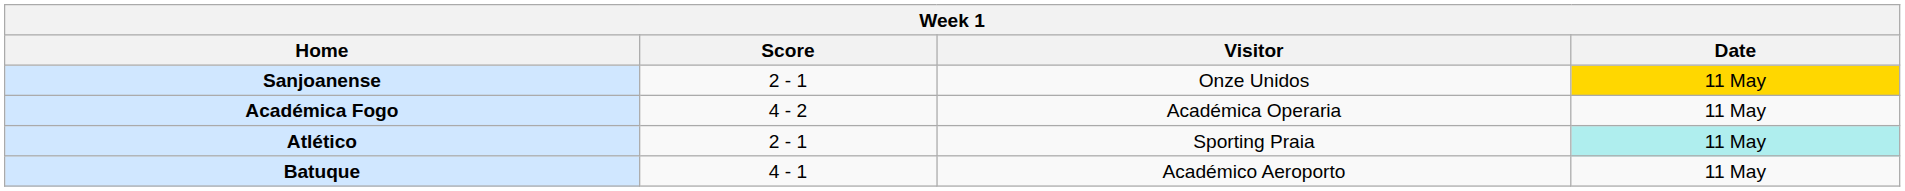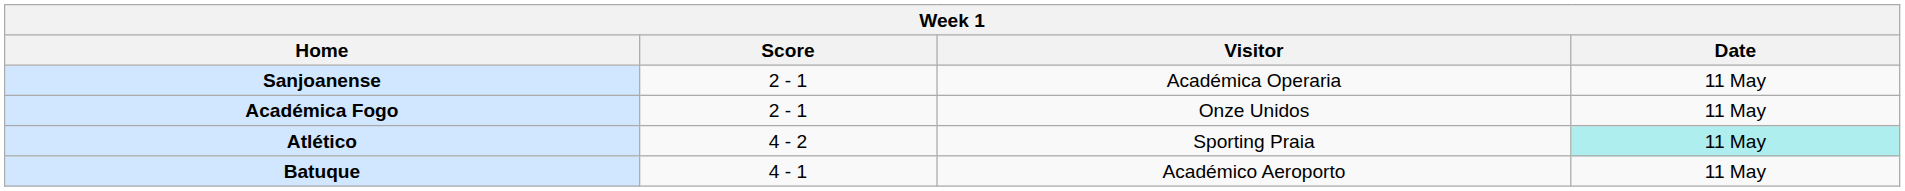 <table class="wikitable" style="font-size:95%; text-align: center; width: 95%;">
 <tr>
 <th colspan="12" style="with: 100%;" align=center>Week 1</th>
 </tr>
 <tr>
 <th width="200">Home</th>
 <th width="90">Score</th>
 <th width="200">Visitor</th>
 <th width="100">Date</th>
 </tr>
 <tr align=center>
 <td bgcolor=#D0E7FF><strong>Sanjoanense</strong></td>
 <td>2 - 1</td>
-<td>Onze Unidos</td>
-<td style="background: gold;">11 May</td>
-</tr>
-<tr align=center>
-<td bgcolor=#D0E7FF><strong>Académica Fogo</strong></td>
-<td>4 - 2</td>
 <td>Académica Operaria</td>
 <td>11 May</td>
 </tr>
 <tr align=center>
+<td bgcolor=#D0E7FF><strong>Académica Fogo</strong></td>
+<td>2 - 1</td>
+<td>Onze Unidos</td>
+<td>11 May</td>
+</tr>
+<tr align=center>
 <td bgcolor=#D0E7FF><strong>Atlético</strong></td>
-<td>2 - 1</td>
+<td>4 - 2</td>
 <td>Sporting Praia</td>
 <td style="background: paleturquoise;">11 May</td>
 </tr>
 <tr align=center>
 <td bgcolor=#D0E7FF><strong>Batuque</strong></td>
 <td>4 - 1</td>
 <td>Académico Aeroporto</td>
 <td>11 May</td>
 </tr>
 </table>
